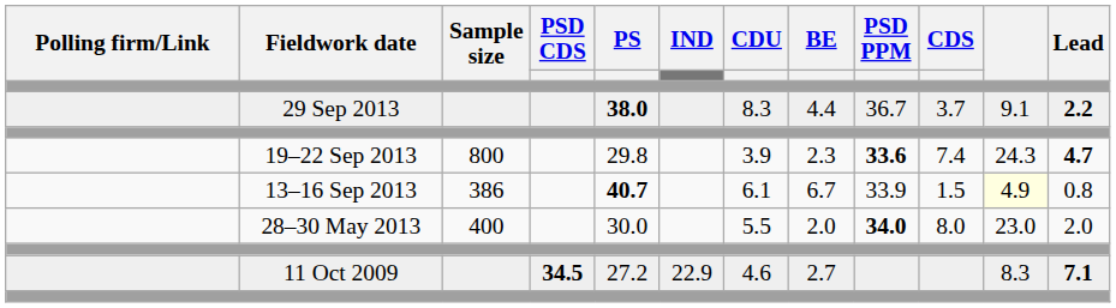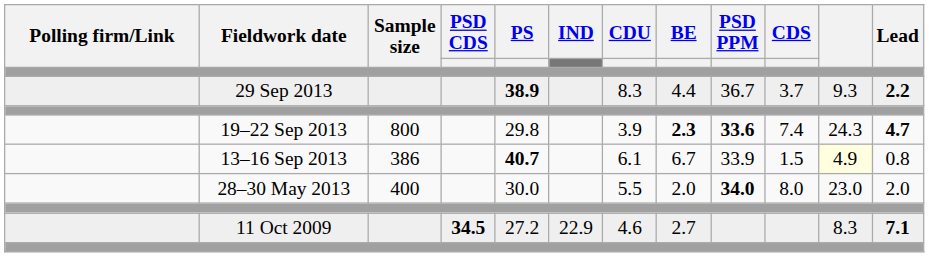 <table class="wikitable collapsible sortable" style="text-align:center; font-size:95%; line-height:16px;">
 <tr style="height:42px;">
 <th style="width:145px;" rowspan="2">Polling firm/Link</th>
 <th style="width:125px;" rowspan="2">Fieldwork date</th>
 <th class="unsortable" style="width:50px;" rowspan="2">Sample size</th>
 <th class="unsortable" style="width:35px;"><a href='#'>PSD</a><br><a href='#'>CDS</a></th>
 <th class="unsortable" style="width:35px;"><a href='#'>PS</a></th>
 <th class="unsortable" style="width:35px;"><a href='#'>IND</a></th>
 <th class="unsortable" style="width:35px;"><a href='#'>CDU</a></th>
 <th class="unsortable" style="width:35px;"><a href='#'>BE</a></th>
 <th class="unsortable" style="width:35px;"><a href='#'>PSD</a><br><a href='#'>PPM</a></th>
 <th class="unsortable" style="width:35px;"><a href='#'>CDS</a></th>
 <th class="unsortable" style="width:35px;" rowspan="2"></th>
 <th class="unsortable" style="width:30px;" rowspan="2">Lead</th>
 </tr>
 <tr>
 <th class="unsortable" style="color:inherit;background:"></th>
 <th class="unsortable" style="color:inherit;background:"></th>
 <th class="unsortable" style="color:inherit;background:#777777;"></th>
 <th class="unsortable" style="color:inherit;background:"></th>
 <th class="unsortable" style="color:inherit;background:"></th>
 <th class="unsortable" style="color:inherit;background:"></th>
 <th class="unsortable" style="color:inherit;background:"></th>
 </tr>
 <tr>
 <td colspan="13" style="background:#A0A0A0"></td>
 </tr>
 <tr style="background:#EFEFEF;">
 <td><strong></strong></td>
 <td data-sort-value="2019-10-06">29 Sep 2013</td>
 <td></td>
 <td></td>
-<td><strong>38.0</strong><br></td>
+<td><strong>38.9</strong><br></td>
 <td></td>
 <td>8.3<br></td>
 <td>4.4<br></td>
 <td>36.7<br></td>
 <td>3.7<br></td>
-<td>9.1</td>
+<td>9.3</td>
 <td style="background:"><strong>2.2</strong></td>
 </tr>
 <tr>
 <td colspan="13" style="background:#A0A0A0"></td>
 </tr>
 <tr>
 <td align="center"></td>
 <td align="center">19–22 Sep 2013</td>
 <td>800</td>
 <td></td>
 <td align="center">29.8</td>
 <td></td>
 <td align="center">3.9</td>
-<td align="center">2.3</td>
+<td align="center"><strong>2.3</strong></td>
 <td align="center" ><strong>33.6</strong></td>
 <td align="center">7.4</td>
 <td align="center">24.3</td>
 <td style="background:"><strong>4.7</strong></td>
 </tr>
 <tr>
 <td align="center"></td>
 <td align="center">13–16 Sep 2013</td>
 <td>386</td>
 <td></td>
 <td align="center" ><strong>40.7</strong></td>
 <td></td>
 <td align="center">6.1</td>
 <td align="center">6.7</td>
 <td align="center">33.9</td>
 <td align="center">1.5</td>
 <td align="center" style="background: lightyellow;">4.9</td>
 <td style="background:">0.8</td>
 </tr>
 <tr>
 <td align="center"></td>
 <td align="center">28–30 May 2013</td>
 <td>400</td>
 <td></td>
 <td align="center">30.0</td>
 <td></td>
 <td align="center">5.5</td>
 <td align="center">2.0</td>
 <td align="center" ><strong>34.0</strong></td>
 <td align="center">8.0</td>
 <td align="center">23.0</td>
 <td style="background:">2.0</td>
 </tr>
 <tr>
 <td colspan="13" style="background:#A0A0A0"></td>
 </tr>
 <tr style="background:#EFEFEF;">
 <td><strong></strong></td>
 <td data-sort-value="2019-10-06">11 Oct 2009</td>
 <td></td>
 <td><strong>34.5</strong><br></td>
 <td>27.2<br></td>
 <td>22.9<br></td>
 <td>4.6<br></td>
 <td>2.7<br></td>
 <td></td>
 <td></td>
 <td>8.3<br></td>
 <td style="background:"><strong>7.1</strong></td>
 </tr>
 <tr>
 <td colspan="13" style="background:#A0A0A0"></td>
 </tr>
 <tr>
 </tr>
 </table>
